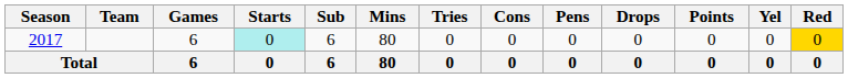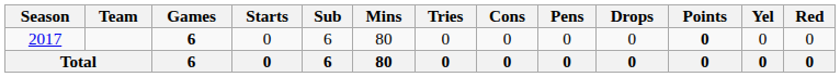 <table class="wikitable" style="text-align:center; line-height:90%; font-size:95%; width:60%;">
 <tr>
 <th>Season</th>
 <th>Team</th>
 <th>Games</th>
 <th>Starts</th>
 <th>Sub</th>
 <th>Mins</th>
 <th>Tries</th>
 <th>Cons</th>
 <th>Pens</th>
 <th>Drops</th>
 <th>Points</th>
 <th>Yel</th>
 <th>Red</th>
 </tr>
 <tr>
 <td><a href='#'>2017</a></td>
 <td></td>
-<td>6</td>
-<td style="background: paleturquoise;">0</td>
+<td><strong>6</strong></td>
+<td>0</td>
 <td>6</td>
 <td>80</td>
 <td>0</td>
 <td>0</td>
 <td>0</td>
 <td>0</td>
+<td><strong>0</strong></td>
 <td>0</td>
 <td>0</td>
-<td style="background: gold;">0</td>
 </tr>
 <tr>
 <th colspan="2">Total</th>
 <th>6</th>
 <th>0</th>
 <th>6</th>
 <th>80</th>
 <th>0</th>
 <th>0</th>
 <th>0</th>
 <th>0</th>
 <th>0</th>
 <th>0</th>
 <th>0</th>
 </tr>
 </table>
